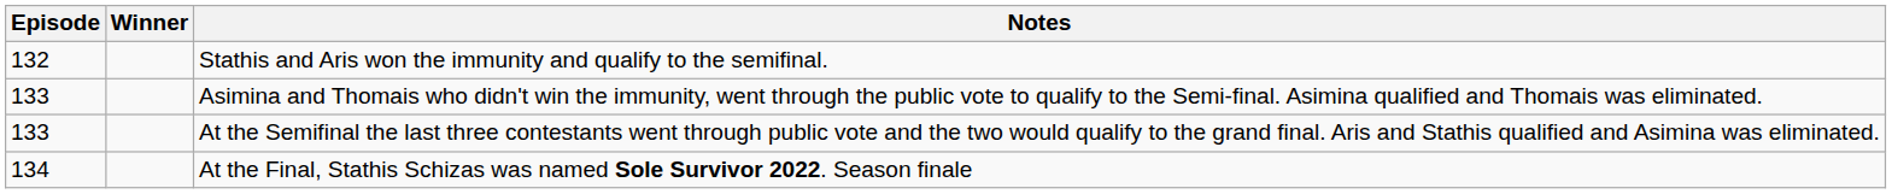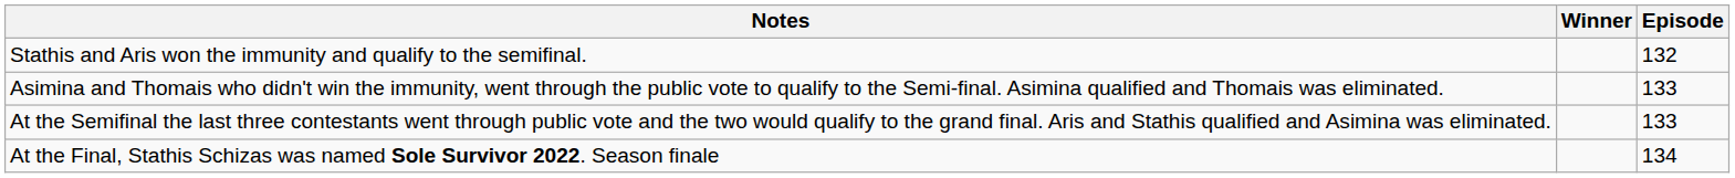 <table class="wikitable sortable">
 <tr>
+<th>Notes</th>
+<th>Winner</th>
 <th>Episode</th>
-<th>Winner</th>
-<th>Notes</th>
 </tr>
 <tr>
+<td>Stathis and Aris won the immunity and qualify to the semifinal.</td>
+<td></td>
 <td>132</td>
-<td></td>
-<td>Stathis and Aris won the immunity and qualify to the semifinal.</td>
 </tr>
 <tr>
+<td>Asimina and Thomais who didn't win the immunity, went through the public vote to qualify to the Semi-final. Asimina qualified and Thomais was eliminated.</td>
+<td></td>
 <td>133</td>
-<td></td>
-<td>Asimina and Thomais who didn't win the immunity, went through the public vote to qualify to the Semi-final. Asimina qualified and Thomais was eliminated.</td>
 </tr>
 <tr>
+<td>At the Semifinal the last three contestants went through public vote and the two would qualify to the grand final. Aris and Stathis qualified and Asimina was eliminated.</td>
+<td></td>
 <td>133</td>
-<td></td>
-<td>At the Semifinal the last three contestants went through public vote and the two would qualify to the grand final. Aris and Stathis qualified and Asimina was eliminated.</td>
 </tr>
 <tr>
+<td>At the Final, Stathis Schizas was named <strong>Sole Survivor 2022</strong>. Season finale</td>
+<td></td>
 <td>134</td>
-<td></td>
-<td>At the Final, Stathis Schizas was named <strong>Sole Survivor 2022</strong>. Season finale</td>
 </tr>
 </table>
